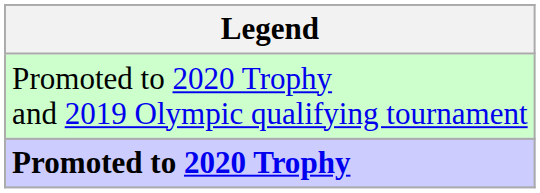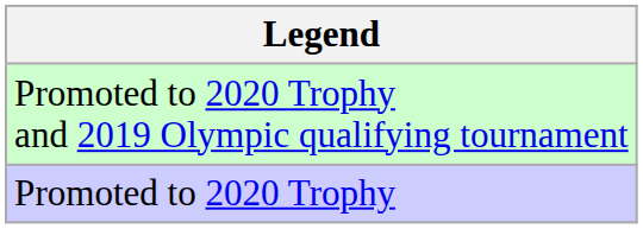 <table class="wikitable">
 <tr>
 <th>Legend</th>
 </tr>
 <tr>
 <td bgcolor=ccffcc>Promoted to <a href='#'>2020 Trophy</a> <br> and <a href='#'>2019 Olympic qualifying tournament</a></td>
 </tr>
 <tr>
-<td bgcolor=ccccff><strong>Promoted to <a href='#'>2020 Trophy</a></strong></td>
+<td bgcolor=ccccff>Promoted to <a href='#'>2020 Trophy</a></td>
 </tr>
 </table>
